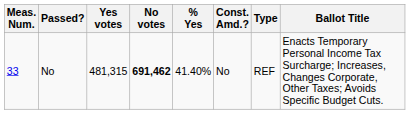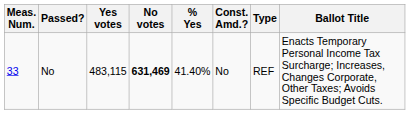 <table class="wikitable sortable">
 <tr>
 <th>Meas.<br>Num.</th>
 <th>Passed?</th>
 <th>Yes<br>votes</th>
 <th>No<br>votes</th>
 <th>%<br>Yes</th>
 <th>Const.<br>Amd.?</th>
 <th>Type</th>
 <th>Ballot Title</th>
 </tr>
 <tr>
 <td><a href='#'>33</a></td>
 <td>No</td>
-<td>481,315</td>
-<td><strong>691,462</strong></td>
+<td>483,115</td>
+<td><strong>631,469</strong></td>
 <td>41.40%</td>
 <td>No</td>
 <td>REF</td>
 <td>Enacts Temporary Personal Income Tax Surcharge; Increases, Changes Corporate, Other Taxes; Avoids Specific Budget Cuts.</td>
 </tr>
 </table>
